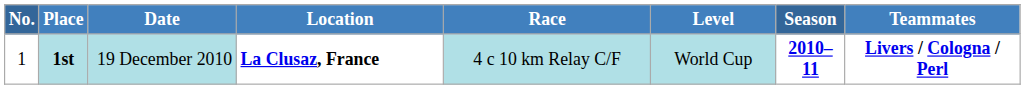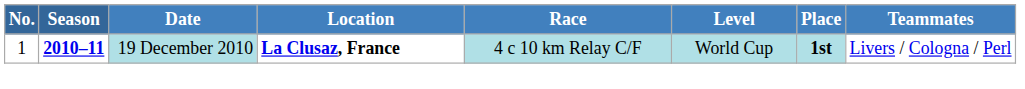 <table class="wikitable sortable" style="font-size:95%; text-align:center; border:grey solid 1px; border-collapse:collapse; background:#ffffff;">
 <tr style="background:#efefef;">
 <th style="background-color:#369; color:white;">No.</th>
-<th style="background-color:#4180be; color:white;">Place</th>
+<th style="background-color:#369; color:white;">Season</th>
 <th style="background-color:#4180be; color:white; width:120px;">Date</th>
 <th style="background-color:#4180be; color:white; width:170px;">Location</th>
 <th style="background-color:#4180be; color:white; width:170px;">Race</th>
 <th style="background-color:#4180be; color:white; width:100px;">Level</th>
-<th style="background-color:#369; color:white;">Season</th>
+<th style="background-color:#4180be; color:white;">Place</th>
 <th style="background-color:#4180be; color:white;">Teammates</th>
 </tr>
 <tr>
 <td align=center>1</td>
-<td bgcolor="#BOEOE6"><strong>1st</strong></td>
+<td rowspan=1 align=center><strong><a href='#'>2010–11</a></strong></td>
 <td bgcolor="#BOEOE6" align=right>19 December 2010</td>
 <td align=left><strong> <a href='#'>La Clusaz</a>, France</strong></td>
 <td bgcolor="#BOEOE6">4 c 10 km Relay C/F</td>
 <td bgcolor="#BOEOE6">World Cup</td>
-<td rowspan=1 align=center><strong><a href='#'>2010–11</a></strong></td>
-<td><strong><a href='#'>Livers</a> / <a href='#'>Cologna</a> / <a href='#'>Perl</a></strong></td>
+<td bgcolor="#BOEOE6"><strong>1st</strong></td>
+<td><a href='#'>Livers</a> / <a href='#'>Cologna</a> / <a href='#'>Perl</a></td>
 </tr>
 </table>
